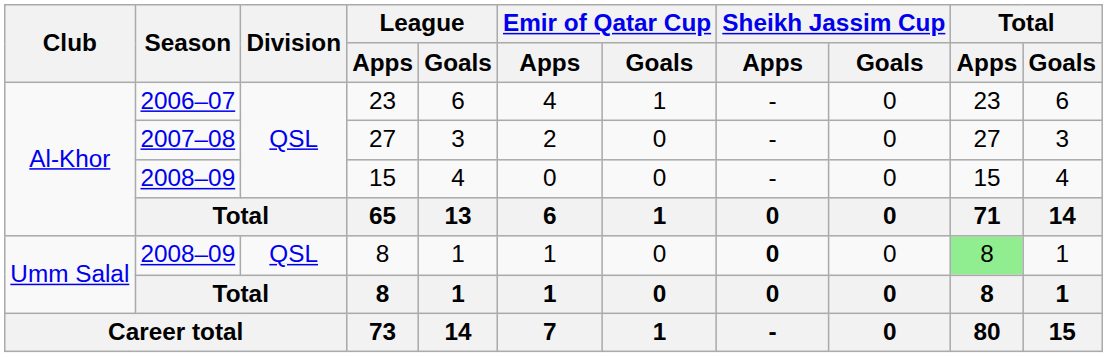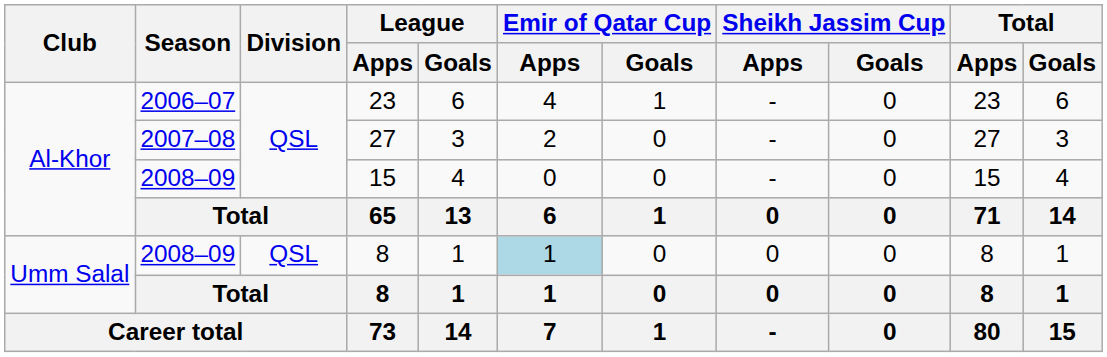 <table class="wikitable" style="text-align: center">
 <tr>
 <th rowspan="2">Club</th>
 <th rowspan="2">Season</th>
 <th rowspan="2">Division</th>
 <th colspan="2">League</th>
 <th colspan="2"><a href='#'>Emir of Qatar Cup</a></th>
 <th colspan="2"><a href='#'>Sheikh Jassim Cup</a></th>
 <th colspan="2">Total</th>
 </tr>
 <tr>
 <th>Apps</th>
 <th>Goals</th>
 <th>Apps</th>
 <th>Goals</th>
 <th>Apps</th>
 <th>Goals</th>
 <th>Apps</th>
 <th>Goals</th>
 </tr>
 <tr>
 <td rowspan="4"><a href='#'>Al-Khor</a></td>
 <td><a href='#'>2006–07</a></td>
 <td rowspan="3"><a href='#'>QSL</a></td>
 <td>23</td>
 <td>6</td>
 <td>4</td>
 <td>1</td>
 <td>-</td>
 <td>0</td>
 <td>23</td>
 <td>6</td>
 </tr>
 <tr>
 <td><a href='#'>2007–08</a></td>
 <td>27</td>
 <td>3</td>
 <td>2</td>
 <td>0</td>
 <td>-</td>
 <td>0</td>
 <td>27</td>
 <td>3</td>
 </tr>
 <tr>
 <td><a href='#'>2008–09</a></td>
 <td>15</td>
 <td>4</td>
 <td>0</td>
 <td>0</td>
 <td>-</td>
 <td>0</td>
 <td>15</td>
 <td>4</td>
 </tr>
 <tr>
 <th colspan="2">Total</th>
 <th>65</th>
 <th>13</th>
 <th>6</th>
 <th>1</th>
 <th>0</th>
 <th>0</th>
 <th>71</th>
 <th>14</th>
 </tr>
 <tr>
 <td rowspan="2"><a href='#'>Umm Salal</a></td>
 <td><a href='#'>2008–09</a></td>
 <td rowspan="1"><a href='#'>QSL</a></td>
 <td>8</td>
 <td>1</td>
-<td>1</td>
+<td style="background: lightblue;">1</td>
 <td>0</td>
-<td><strong>0</strong></td>
 <td>0</td>
-<td style="background: lightgreen;">8</td>
+<td>0</td>
+<td>8</td>
 <td>1</td>
 </tr>
 <tr>
 <th colspan="2">Total</th>
 <th>8</th>
 <th>1</th>
 <th>1</th>
 <th>0</th>
 <th>0</th>
 <th>0</th>
 <th>8</th>
 <th>1</th>
 </tr>
 <tr>
 <th colspan="3">Career total</th>
 <th>73</th>
 <th>14</th>
 <th>7</th>
 <th>1</th>
 <th>-</th>
 <th>0</th>
 <th>80</th>
 <th>15</th>
 </tr>
 </table>
